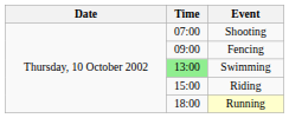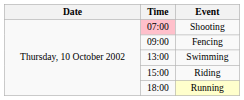 <table class = "wikitable" style="text-align:center;">
 <tr>
 <th width=220>Date</th>
 <th width=50>Time</th>
 <th width=100>Event</th>
 </tr>
 <tr>
 <td rowspan=5>Thursday, 10 October 2002</td>
-<td>07:00</td>
+<td style="background: pink;">07:00</td>
 <td>Shooting</td>
 </tr>
 <tr>
 <td>09:00</td>
 <td>Fencing</td>
 </tr>
 <tr>
-<td style="background: lightgreen;">13:00</td>
+<td>13:00</td>
 <td>Swimming</td>
 </tr>
 <tr>
 <td>15:00</td>
 <td>Riding</td>
 </tr>
 <tr>
 <td>18:00</td>
 <td bgcolor=ffffcc>Running</td>
 </tr>
 </table>
